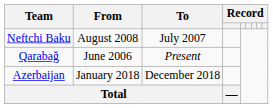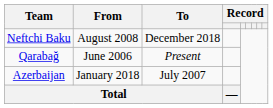 <table class="wikitable" style="text-align: center">
 <tr>
 <th rowspan="2">Team</th>
 <th rowspan="2">From</th>
 <th rowspan="2">To</th>
 <th colspan="6">Record</th>
 </tr>
 <tr>
 <th></th>
 <th></th>
 <th></th>
 <th></th>
 <th></th>
 <th></th>
 </tr>
 <tr>
 <td><a href='#'>Neftchi Baku</a></td>
 <td>August 2008</td>
-<td>July 2007<br></td>
+<td>December 2018<br></td>
 <td></td>
 </tr>
 <tr>
 <td><a href='#'>Qarabağ</a></td>
 <td>June 2006</td>
 <td><em>Present</em><br></td>
 <td></td>
 </tr>
 <tr>
 <td><a href='#'>Azerbaijan</a></td>
 <td>January 2018</td>
-<td>December 2018<br></td>
+<td>July 2007<br></td>
 <td></td>
 </tr>
 <tr>
 <th colspan="3">Total<br></th>
 <th>—</th>
 </tr>
 </table>
